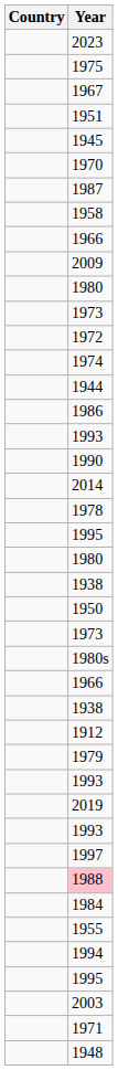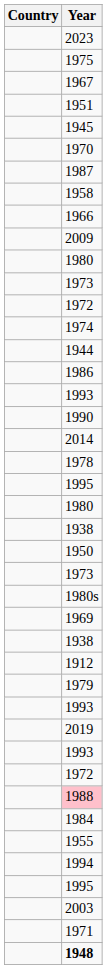 <table class="wikitable sortable sticky-table-head">
 <tr>
 <th>Country</th>
 <th>Year</th>
 </tr>
 <tr>
 <td></td>
 <td>2023</td>
 </tr>
 <tr>
 <td></td>
 <td>1975</td>
 </tr>
 <tr>
 <td></td>
 <td>1967</td>
 </tr>
 <tr>
 <td></td>
 <td>1951</td>
 </tr>
 <tr>
 <td></td>
 <td>1945</td>
 </tr>
 <tr>
 <td></td>
 <td>1970</td>
 </tr>
 <tr>
 <td></td>
 <td>1987</td>
 </tr>
 <tr>
 <td></td>
 <td>1958</td>
 </tr>
 <tr>
 <td></td>
 <td>1966</td>
 </tr>
 <tr>
 <td></td>
 <td>2009</td>
 </tr>
 <tr>
 <td></td>
 <td>1980</td>
 </tr>
 <tr>
 <td></td>
 <td>1973</td>
 </tr>
 <tr>
 <td></td>
 <td>1972</td>
 </tr>
 <tr>
 <td></td>
 <td>1974</td>
 </tr>
 <tr>
 <td></td>
 <td>1944</td>
 </tr>
 <tr>
 <td></td>
 <td>1986</td>
 </tr>
 <tr>
 <td></td>
 <td>1993</td>
 </tr>
 <tr>
 <td></td>
 <td>1990</td>
 </tr>
 <tr>
 <td></td>
 <td>2014</td>
 </tr>
 <tr>
 <td></td>
 <td>1978</td>
 </tr>
 <tr>
 <td></td>
 <td>1995</td>
 </tr>
 <tr>
 <td></td>
 <td>1980</td>
 </tr>
 <tr>
 <td></td>
 <td>1938</td>
 </tr>
 <tr>
 <td></td>
 <td>1950</td>
 </tr>
 <tr>
 <td></td>
 <td>1973</td>
 </tr>
 <tr>
 <td></td>
 <td>1980s</td>
 </tr>
 <tr>
 <td></td>
-<td>1966</td>
+<td>1969</td>
 </tr>
 <tr>
 <td></td>
 <td>1938</td>
 </tr>
 <tr>
 <td></td>
 <td>1912</td>
 </tr>
 <tr>
 <td></td>
 <td>1979</td>
 </tr>
 <tr>
 <td></td>
 <td>1993</td>
 </tr>
 <tr>
 <td></td>
 <td>2019</td>
 </tr>
 <tr>
 <td></td>
 <td>1993</td>
 </tr>
 <tr>
 <td></td>
-<td>1997</td>
+<td>1972</td>
 </tr>
 <tr>
 <td></td>
 <td style="background: pink;">1988</td>
 </tr>
 <tr>
 <td></td>
 <td>1984</td>
 </tr>
 <tr>
 <td></td>
 <td>1955</td>
 </tr>
 <tr>
 <td></td>
 <td>1994</td>
 </tr>
 <tr>
 <td></td>
 <td>1995</td>
 </tr>
 <tr>
 <td></td>
 <td>2003</td>
 </tr>
 <tr>
 <td></td>
 <td>1971</td>
 </tr>
 <tr>
 <td></td>
-<td>1948</td>
+<td><strong>1948</strong></td>
 </tr>
 </table>
